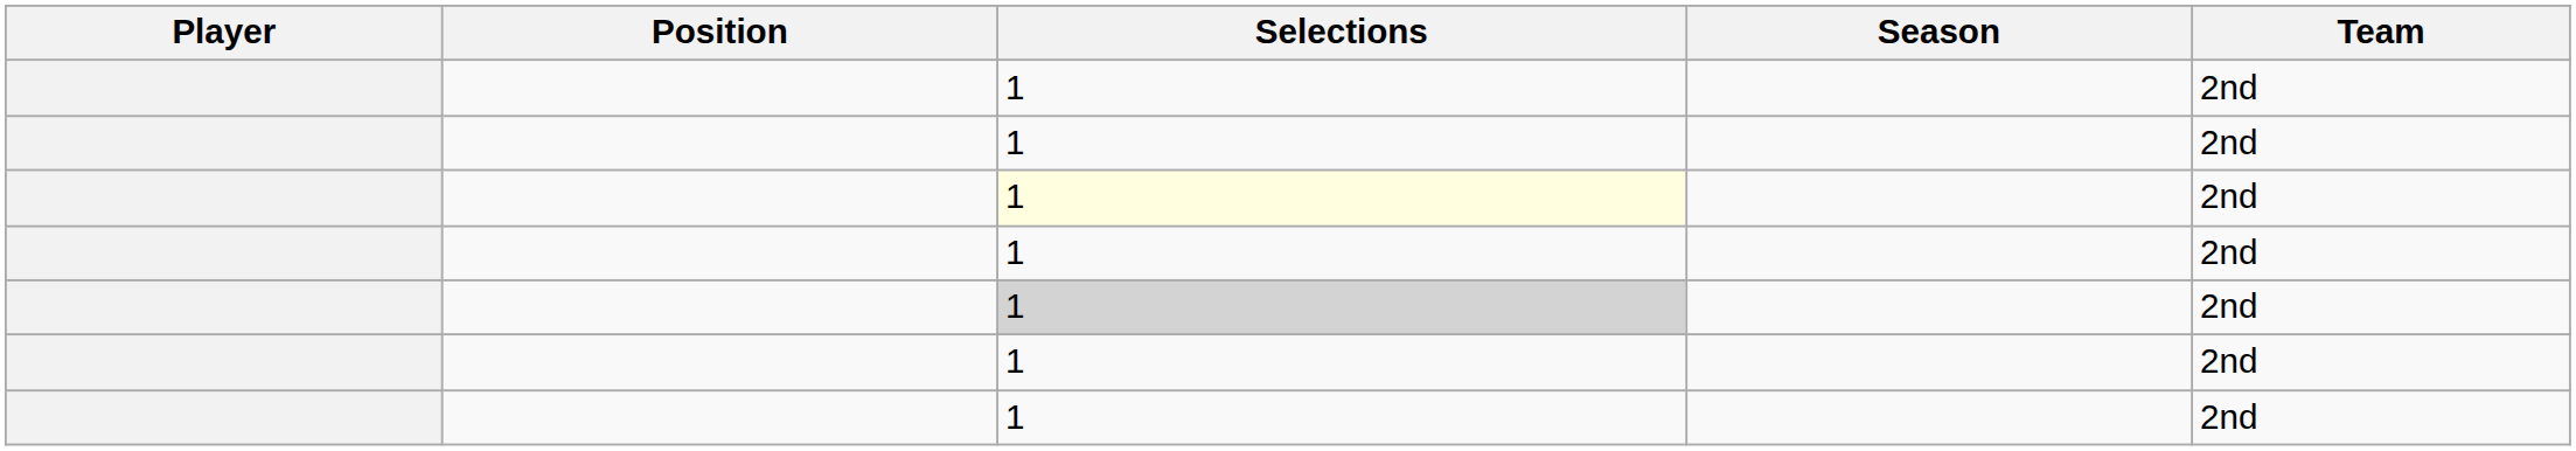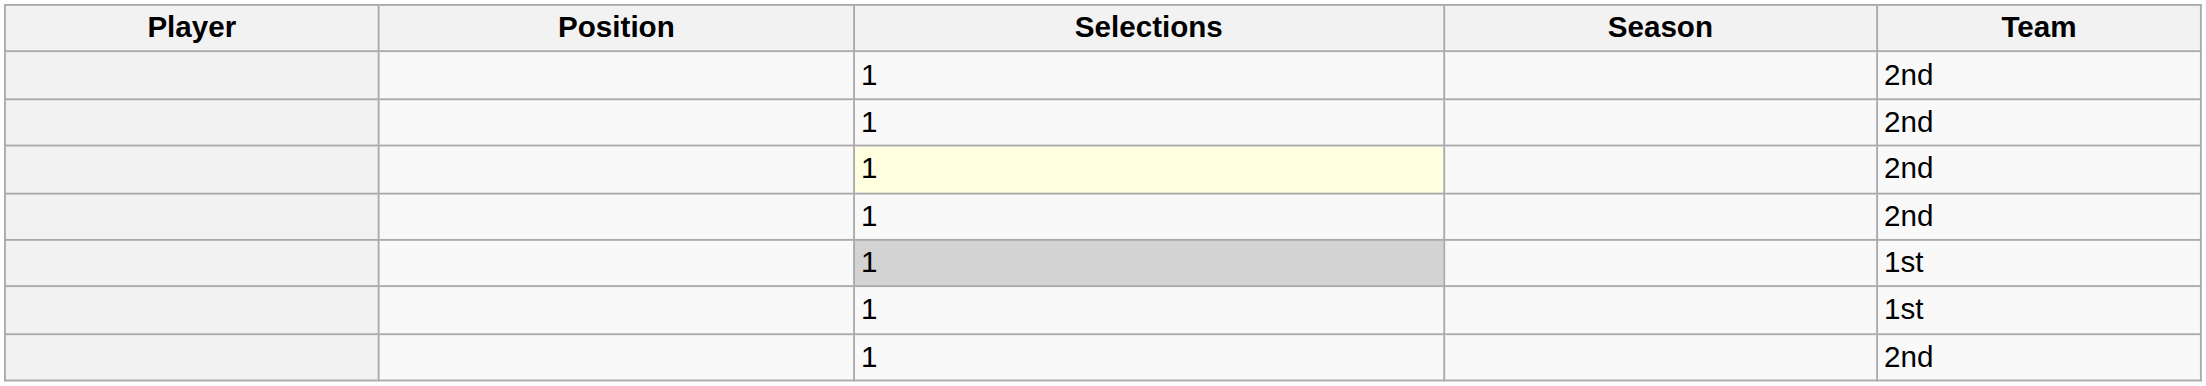 <table class="wikitable sortable" width="75%">
 <tr>
 <th scope="col">Player</th>
 <th scope="col">Position</th>
 <th scope="col">Selections</th>
 <th scope="col">Season</th>
 <th scope="col">Team</th>
 </tr>
 <tr>
 <th scope="row"></th>
 <td></td>
 <td>1</td>
 <td></td>
 <td>2nd</td>
 </tr>
 <tr>
 <th scope="row"></th>
 <td></td>
 <td>1</td>
 <td></td>
 <td>2nd</td>
 </tr>
 <tr>
 <th scope="row"></th>
 <td></td>
 <td style="background: lightyellow;">1</td>
 <td></td>
 <td>2nd</td>
 </tr>
 <tr>
 <th scope="row"></th>
 <td></td>
 <td>1</td>
 <td></td>
 <td>2nd</td>
 </tr>
 <tr>
 <th scope="row"></th>
 <td></td>
 <td style="background: lightgrey;">1</td>
 <td></td>
-<td>2nd</td>
+<td>1st</td>
 </tr>
 <tr>
 <th scope="row"></th>
 <td></td>
 <td>1</td>
 <td></td>
-<td>2nd</td>
+<td>1st</td>
 </tr>
 <tr>
 <th scope="row"></th>
 <td></td>
 <td>1</td>
 <td></td>
 <td>2nd</td>
 </tr>
 </table>
